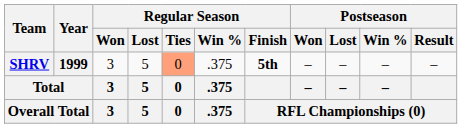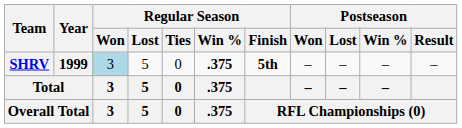 <table class="wikitable" style="font-size: 95%; text-align:center;">
 <tr>
 <th rowspan="2">Team</th>
 <th rowspan="2">Year</th>
 <th colspan="5">Regular Season</th>
 <th colspan="4">Postseason</th>
 </tr>
 <tr>
 <th>Won</th>
 <th>Lost</th>
 <th>Ties</th>
 <th>Win %</th>
 <th>Finish</th>
 <th>Won</th>
 <th>Lost</th>
 <th>Win %</th>
 <th>Result</th>
 </tr>
 <tr>
 <th><a href='#'>SHRV</a></th>
 <th>1999</th>
-<td>3</td>
+<td style="background: lightblue;">3</td>
 <td>5</td>
-<td style="background: lightsalmon;">0</td>
-<td>.375</td>
+<td>0</td>
+<td><strong>.375</strong></td>
 <td><strong>5th</strong></td>
 <td>–</td>
 <td>–</td>
 <td>–</td>
 <td>–</td>
 </tr>
 <tr>
 <th colspan="2">Total</th>
 <th>3</th>
 <th>5</th>
 <th>0</th>
 <th>.375</th>
 <th></th>
 <th>–</th>
 <th>–</th>
 <th>–</th>
 <th></th>
 </tr>
 <tr>
 <th colspan="2">Overall Total</th>
 <th>3</th>
 <th>5</th>
 <th>0</th>
 <th>.375</th>
 <th colspan="5">RFL Championships (0)</th>
 </tr>
 </table>
